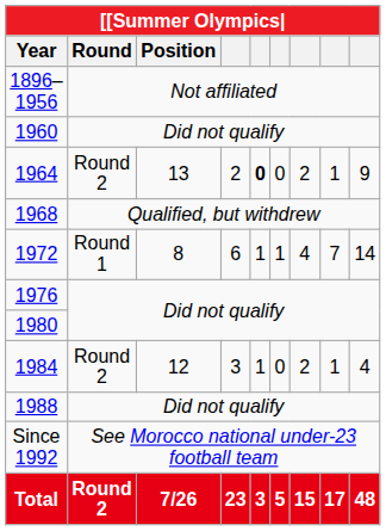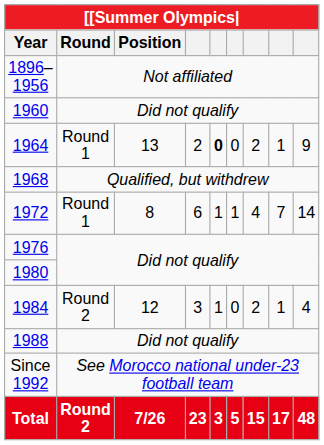 <table class="wikitable" class="wikitable" style="font-size:90%; text-align:center; width:40%">
 <tr>
 <th colspan="9" style="background:#ED1C24; color:white; ">[[Summer Olympics|</th>
 </tr>
 <tr>
 <th>Year</th>
 <th>Round</th>
 <th>Position</th>
 <th></th>
 <th></th>
 <th></th>
 <th></th>
 <th></th>
 <th></th>
 </tr>
 <tr>
 <td><a href='#'>1896</a>–<a href='#'>1956</a></td>
 <td colspan=8><em>Not affiliated</em></td>
 </tr>
 <tr>
 <td> <a href='#'>1960</a></td>
 <td colspan=8><em>Did not qualify</em></td>
 </tr>
 <tr>
 <td> <a href='#'>1964</a></td>
-<td>Round 2</td>
+<td>Round 1</td>
 <td>13</td>
 <td>2</td>
 <td><strong>0</strong></td>
 <td>0</td>
 <td>2</td>
 <td>1</td>
 <td>9</td>
 </tr>
 <tr>
 <td> <a href='#'>1968</a></td>
 <td colspan=8><em>Qualified, but withdrew</em></td>
 </tr>
 <tr>
 <td> <a href='#'>1972</a></td>
 <td>Round 1</td>
 <td>8</td>
 <td>6</td>
 <td>1</td>
 <td>1</td>
 <td>4</td>
 <td>7</td>
 <td>14</td>
 </tr>
 <tr>
 <td> <a href='#'>1976</a></td>
 <td colspan=8 rowspan=2><em>Did not qualify</em></td>
 </tr>
 <tr>
 <td> <a href='#'>1980</a></td>
 </tr>
 <tr>
 <td> <a href='#'>1984</a></td>
 <td>Round 2</td>
 <td>12</td>
 <td>3</td>
 <td>1</td>
 <td>0</td>
 <td>2</td>
 <td>1</td>
 <td>4</td>
 </tr>
 <tr>
 <td> <a href='#'>1988</a></td>
 <td colspan=8><em>Did not qualify</em></td>
 </tr>
 <tr>
 <td>Since <a href='#'>1992</a></td>
 <td colspan=8><em>See <a href='#'>Morocco national under-23 football team</a></em></td>
 </tr>
 <tr |->
 <th style="background:#E70013; color:white;">Total</th>
 <th style="background:#E70013; color:white;">Round 2</th>
 <th style="background:#E70013; color:white;">7/26</th>
 <th style="background:#E70013; color:white;">23</th>
 <th style="background:#E70013; color:white;">3</th>
 <th style="background:#E70013; color:white;">5</th>
 <th style="background:#E70013; color:white;">15</th>
 <th style="background:#E70013; color:white;">17</th>
 <th style="background:#E70013; color:white;">48</th>
 </tr>
 </table>
